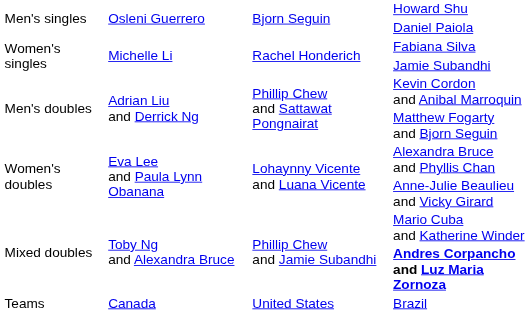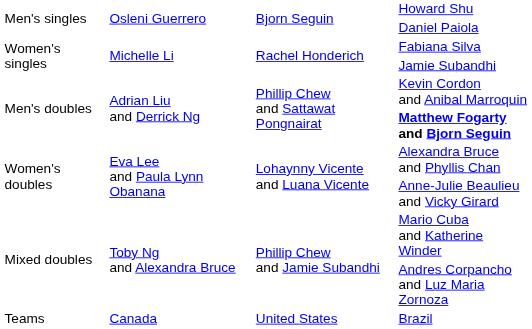 <table>
 <tr>
 <td rowspan=2>Men's singles</td>
 <td rowspan=2> <a href='#'>Osleni Guerrero</a></td>
 <td rowspan=2> <a href='#'>Bjorn Seguin</a></td>
 <td> <a href='#'>Howard Shu</a></td>
 </tr>
 <tr>
 <td> <a href='#'>Daniel Paiola</a></td>
 </tr>
 <tr>
 <td rowspan=2>Women's singles</td>
 <td rowspan=2> <a href='#'>Michelle Li</a></td>
 <td rowspan=2> <a href='#'>Rachel Honderich</a></td>
 <td> <a href='#'>Fabiana Silva</a></td>
 </tr>
 <tr>
 <td> <a href='#'>Jamie Subandhi</a></td>
 </tr>
 <tr>
 <td rowspan=2>Men's doubles</td>
 <td rowspan=2> <a href='#'>Adrian Liu</a><br>and <a href='#'>Derrick Ng</a></td>
 <td rowspan=2> <a href='#'>Phillip Chew</a><br>and <a href='#'>Sattawat Pongnairat</a></td>
 <td> <a href='#'>Kevin Cordon</a><br>and <a href='#'>Anibal Marroquin</a></td>
 </tr>
 <tr>
-<td> <a href='#'>Matthew Fogarty</a><br>and <a href='#'>Bjorn Seguin</a></td>
+<td><strong> <a href='#'>Matthew Fogarty</a><br>and <a href='#'>Bjorn Seguin</a></strong></td>
 </tr>
 <tr>
 <td rowspan=2>Women's doubles</td>
 <td rowspan=2> <a href='#'>Eva Lee</a><br>and <a href='#'>Paula Lynn Obanana</a></td>
 <td rowspan=2> <a href='#'>Lohaynny Vicente</a><br>and <a href='#'>Luana Vicente</a></td>
 <td> <a href='#'>Alexandra Bruce</a><br>and <a href='#'>Phyllis Chan</a></td>
 </tr>
 <tr>
 <td> <a href='#'>Anne-Julie Beaulieu</a><br> and <a href='#'>Vicky Girard</a></td>
 </tr>
 <tr>
 <td rowspan=2>Mixed doubles</td>
 <td rowspan=2> <a href='#'>Toby Ng</a><br> and <a href='#'>Alexandra Bruce</a></td>
 <td rowspan=2> <a href='#'>Phillip Chew</a><br>and <a href='#'>Jamie Subandhi</a></td>
 <td> <a href='#'>Mario Cuba</a><br>and <a href='#'>Katherine Winder</a></td>
 </tr>
 <tr>
-<td><strong> <a href='#'>Andres Corpancho</a><br>and <a href='#'>Luz Maria Zornoza</a></strong></td>
+<td> <a href='#'>Andres Corpancho</a><br>and <a href='#'>Luz Maria Zornoza</a></td>
 </tr>
 <tr>
 <td rowspan=2>Teams</td>
 <td rowspan=2> <a href='#'>Canada</a></td>
 <td rowspan=2> <a href='#'>United States</a></td>
 <td> <a href='#'>Brazil</a></td>
 </tr>
 </table>
